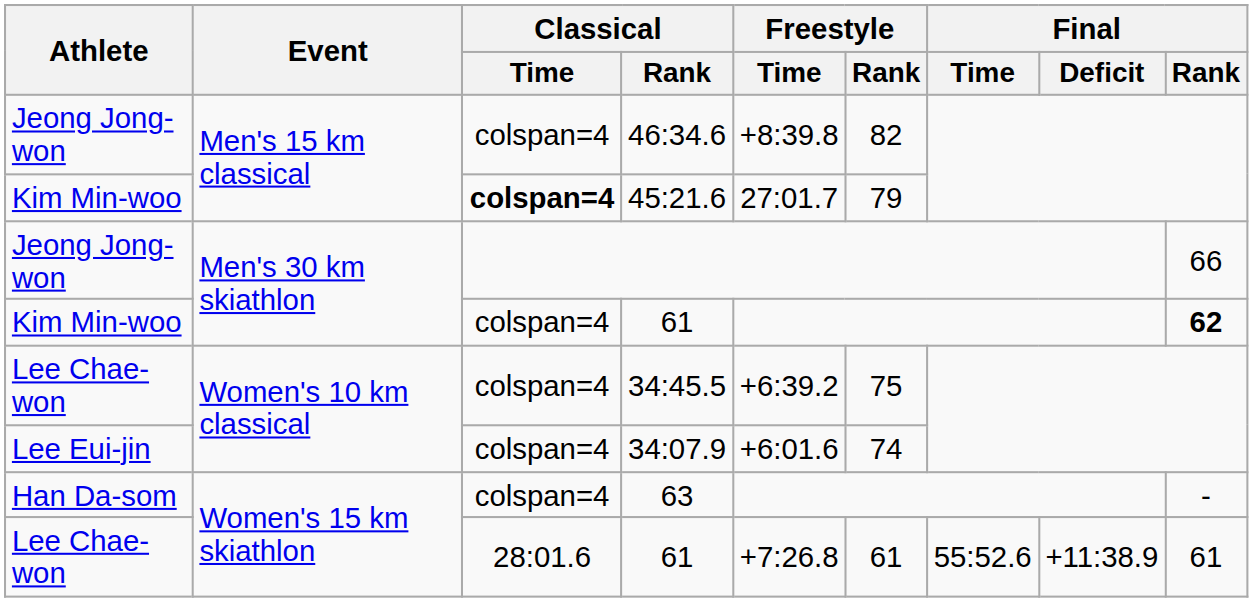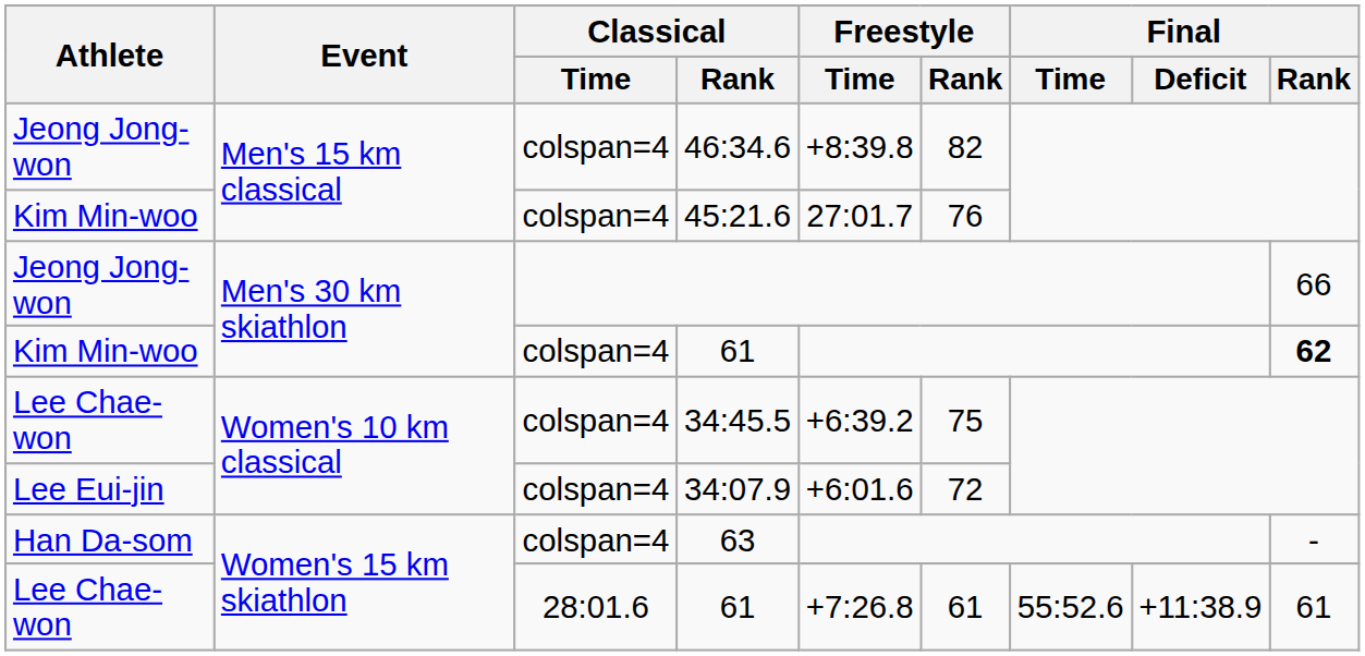 <table class="wikitable" style="font-size:90%">
 <tr>
 <th rowspan=2>Athlete</th>
 <th rowspan=2>Event</th>
 <th colspan=2>Classical</th>
 <th colspan=2>Freestyle</th>
 <th colspan=3>Final</th>
 </tr>
 <tr style="font-size:95%">
 <th>Time</th>
 <th>Rank</th>
 <th>Time</th>
 <th>Rank</th>
 <th>Time</th>
 <th>Deficit</th>
 <th>Rank</th>
 </tr>
 <tr align=center>
 <td align=left><a href='#'>Jeong Jong-won</a></td>
 <td align=left rowspan=2><a href='#'>Men's 15 km classical</a></td>
 <td>colspan=4 </td>
 <td>46:34.6</td>
 <td>+8:39.8</td>
 <td>82</td>
 </tr>
 <tr align=center>
 <td align=left><a href='#'>Kim Min-woo</a></td>
-<td><strong>colspan=4 </strong></td>
+<td>colspan=4 </td>
 <td>45:21.6</td>
 <td>27:01.7</td>
-<td>79</td>
+<td>76</td>
 </tr>
 <tr align=center>
 <td align=left><a href='#'>Jeong Jong-won</a></td>
 <td align=left rowspan=2><a href='#'>Men's 30 km skiathlon</a></td>
 <td colspan=6></td>
 <td>66</td>
 </tr>
 <tr align=center>
 <td align=left><a href='#'>Kim Min-woo</a></td>
 <td>colspan=4</td>
 <td>61</td>
 <td colspan=4></td>
 <td><strong>62</strong></td>
 </tr>
 <tr align=center>
 <td align=left><a href='#'>Lee Chae-won</a></td>
 <td align=left rowspan=2><a href='#'>Women's 10 km classical</a></td>
 <td>colspan=4</td>
 <td>34:45.5</td>
 <td>+6:39.2</td>
 <td>75</td>
 </tr>
 <tr align=center>
 <td align=left><a href='#'>Lee Eui-jin</a></td>
 <td>colspan=4</td>
 <td>34:07.9</td>
 <td>+6:01.6</td>
-<td>74</td>
+<td>72</td>
 </tr>
 <tr align=center>
 <td align=left><a href='#'>Han Da-som</a></td>
 <td align=left rowspan=2><a href='#'>Women's 15 km skiathlon</a></td>
 <td>colspan=4 </td>
 <td>63</td>
 <td colspan=4></td>
 <td>-</td>
 </tr>
 <tr align=center>
 <td align=left><a href='#'>Lee Chae-won</a></td>
 <td>28:01.6</td>
 <td>61</td>
 <td>+7:26.8</td>
 <td>61</td>
 <td>55:52.6</td>
 <td>+11:38.9</td>
 <td>61</td>
 </tr>
 </table>
